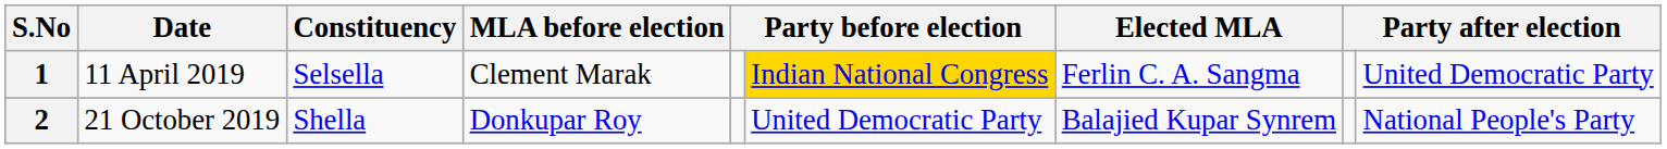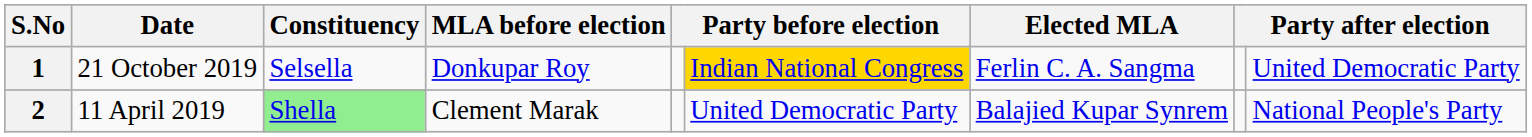 <table class="wikitable sortable">
 <tr>
 <th>S.No</th>
 <th>Date</th>
 <th>Constituency</th>
 <th>MLA before election</th>
 <th colspan="2">Party before election</th>
 <th>Elected MLA</th>
 <th colspan="2">Party after election</th>
 </tr>
 <tr>
 <th>1</th>
-<td>11 April 2019</td>
+<td>21 October 2019</td>
 <td><a href='#'>Selsella</a></td>
-<td>Clement Marak</td>
+<td><a href='#'>Donkupar Roy</a></td>
 <td></td>
 <td style="background: gold;"><a href='#'>Indian National Congress</a></td>
 <td><a href='#'>Ferlin C. A. Sangma</a></td>
 <td></td>
 <td><a href='#'>United Democratic Party</a></td>
 </tr>
 <tr>
 <th>2</th>
-<td>21 October 2019</td>
-<td><a href='#'>Shella</a></td>
-<td><a href='#'>Donkupar Roy</a></td>
+<td>11 April 2019</td>
+<td style="background: lightgreen;"><a href='#'>Shella</a></td>
+<td>Clement Marak</td>
 <td></td>
 <td><a href='#'>United Democratic Party</a></td>
 <td><a href='#'>Balajied Kupar Synrem</a></td>
 <td></td>
 <td><a href='#'>National People's Party</a></td>
 </tr>
 </table>
